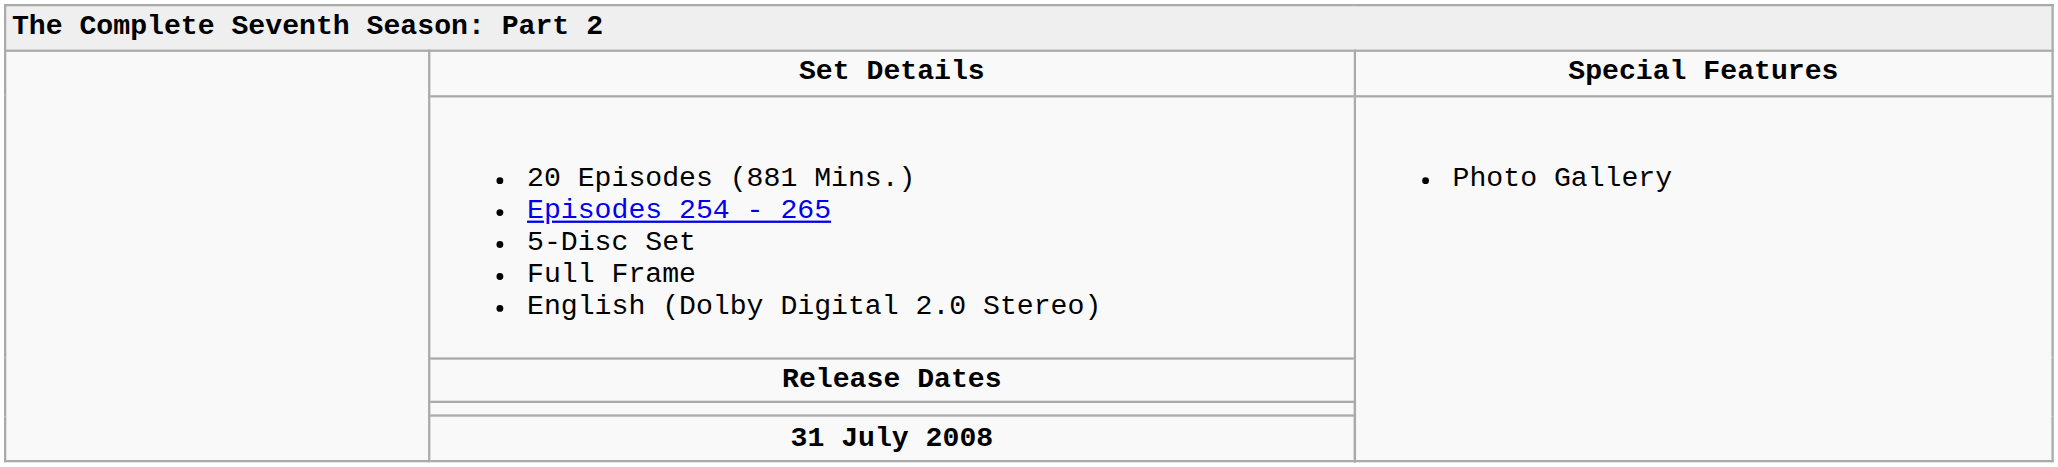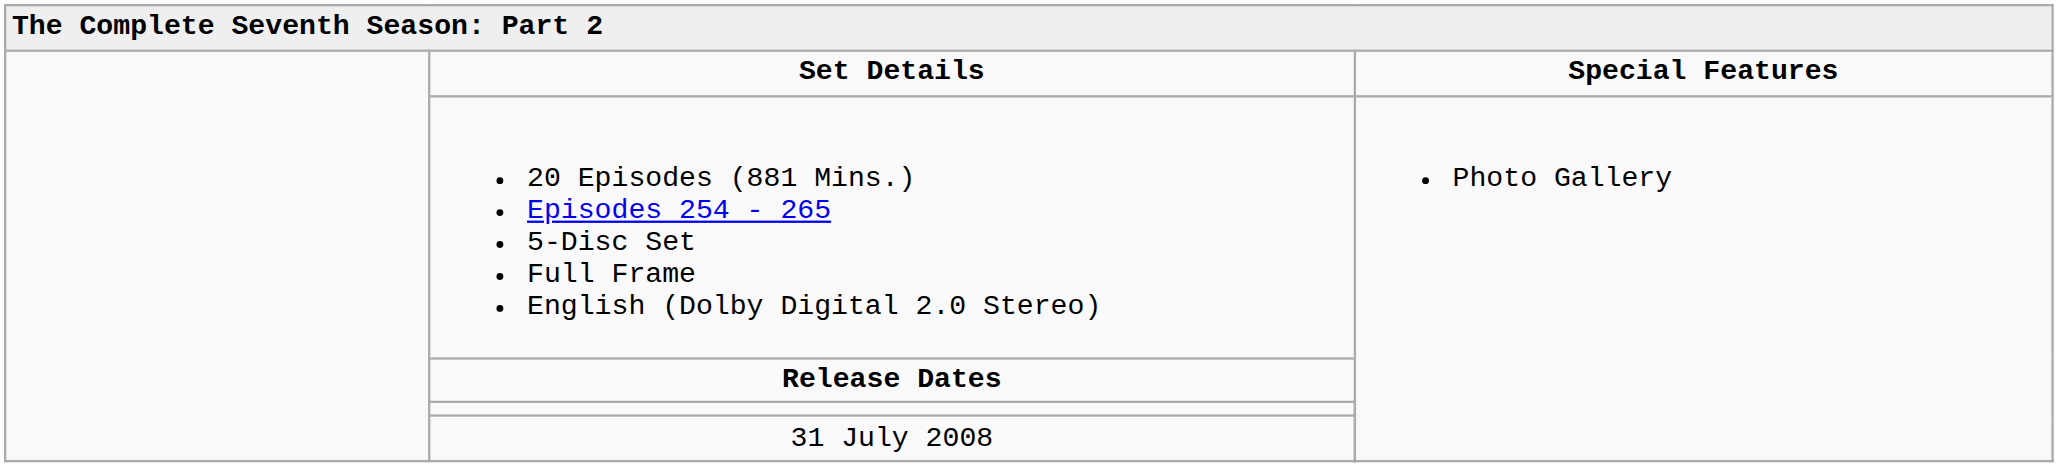 <table class="wikitable" style="font-size: 95%;">
 <tr style="background:#EFEFEF">
 <td colspan="5"><strong>The Complete Seventh Season: Part 2</strong></td>
 </tr>
 <tr>
 <td rowspan="5" align="center" width="180"></td>
 <td align="center" width="350" colspan="3"><strong>Set Details</strong></td>
 <td width="250" align="center"><strong>Special Features</strong></td>
 </tr>
 <tr valign="top">
 <td colspan="3" align="left" width="400"><br><ul><li>20 Episodes (881 Mins.)</li><li><a href='#'>Episodes 254 - 265</a></li><li>5-Disc Set</li><li>Full Frame</li><li>English (Dolby Digital 2.0 Stereo)</li></ul></td>
 <td rowspan="4" align="left" width="300"><br><ul><li>Photo Gallery</li></ul></td>
 </tr>
 <tr>
 <td colspan="3" align="center"><strong>Release Dates</strong></td>
 </tr>
 <tr>
 <td align="center"></td>
 </tr>
 <tr>
-<td align="center"><strong>31 July 2008</strong></td>
+<td align="center">31 July 2008</td>
 </tr>
 </table>
